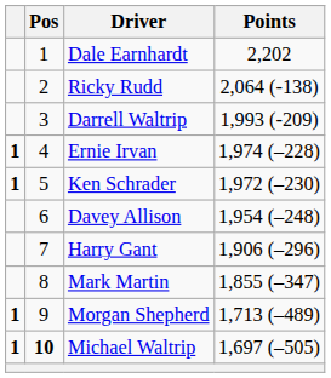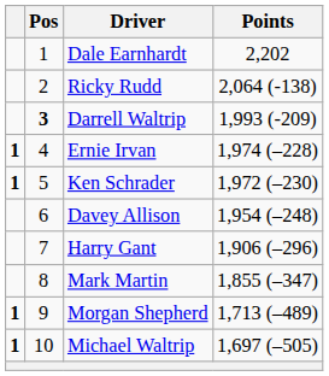 <table class="wikitable" style="font-size: 95%;">
 <tr>
 <th></th>
 <th>Pos</th>
 <th>Driver</th>
 <th>Points</th>
 </tr>
 <tr>
 <td align="left"></td>
 <td style="text-align:center;">1</td>
 <td><a href='#'>Dale Earnhardt</a></td>
 <td style="text-align:center;">2,202</td>
 </tr>
 <tr>
 <td align="left"></td>
 <td style="text-align:center;">2</td>
 <td><a href='#'>Ricky Rudd</a></td>
 <td style="text-align:center;">2,064 (-138)</td>
 </tr>
 <tr>
 <td align="left"></td>
-<td style="text-align:center;">3</td>
+<td style="text-align:center;"><strong>3</strong></td>
 <td><a href='#'>Darrell Waltrip</a></td>
 <td style="text-align:center;">1,993 (-209)</td>
 </tr>
 <tr>
 <td align="left">  <strong>1</strong></td>
 <td style="text-align:center;">4</td>
 <td><a href='#'>Ernie Irvan</a></td>
 <td style="text-align:center;">1,974 (–228)</td>
 </tr>
 <tr>
 <td align="left">  <strong>1</strong></td>
 <td style="text-align:center;">5</td>
 <td><a href='#'>Ken Schrader</a></td>
 <td style="text-align:center;">1,972 (–230)</td>
 </tr>
 <tr>
 <td align="left"></td>
 <td style="text-align:center;">6</td>
 <td><a href='#'>Davey Allison</a></td>
 <td style="text-align:center;">1,954 (–248)</td>
 </tr>
 <tr>
 <td align="left"></td>
 <td style="text-align:center;">7</td>
 <td><a href='#'>Harry Gant</a></td>
 <td style="text-align:center;">1,906 (–296)</td>
 </tr>
 <tr>
 <td align="left"></td>
 <td style="text-align:center;">8</td>
 <td><a href='#'>Mark Martin</a></td>
 <td style="text-align:center;">1,855 (–347)</td>
 </tr>
 <tr>
 <td align="left">  <strong>1</strong></td>
 <td style="text-align:center;">9</td>
 <td><a href='#'>Morgan Shepherd</a></td>
 <td style="text-align:center;">1,713 (–489)</td>
 </tr>
 <tr>
 <td align="left">  <strong>1</strong></td>
-<td style="text-align:center;"><strong>10</strong></td>
+<td style="text-align:center;">10</td>
 <td><a href='#'>Michael Waltrip</a></td>
 <td style="text-align:center;">1,697 (–505)</td>
 </tr>
 <tr class="sortbottom">
 <th colspan="9"></th>
 </tr>
 </table>
